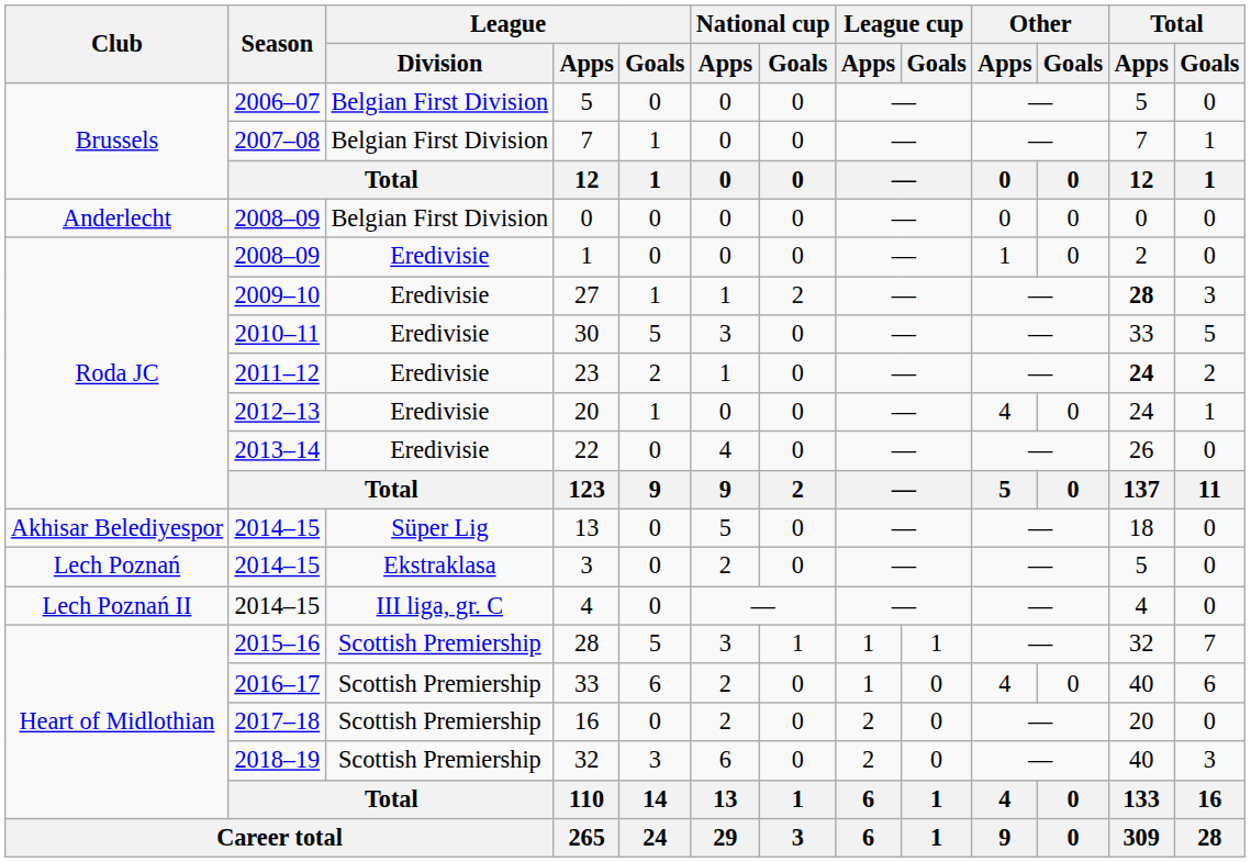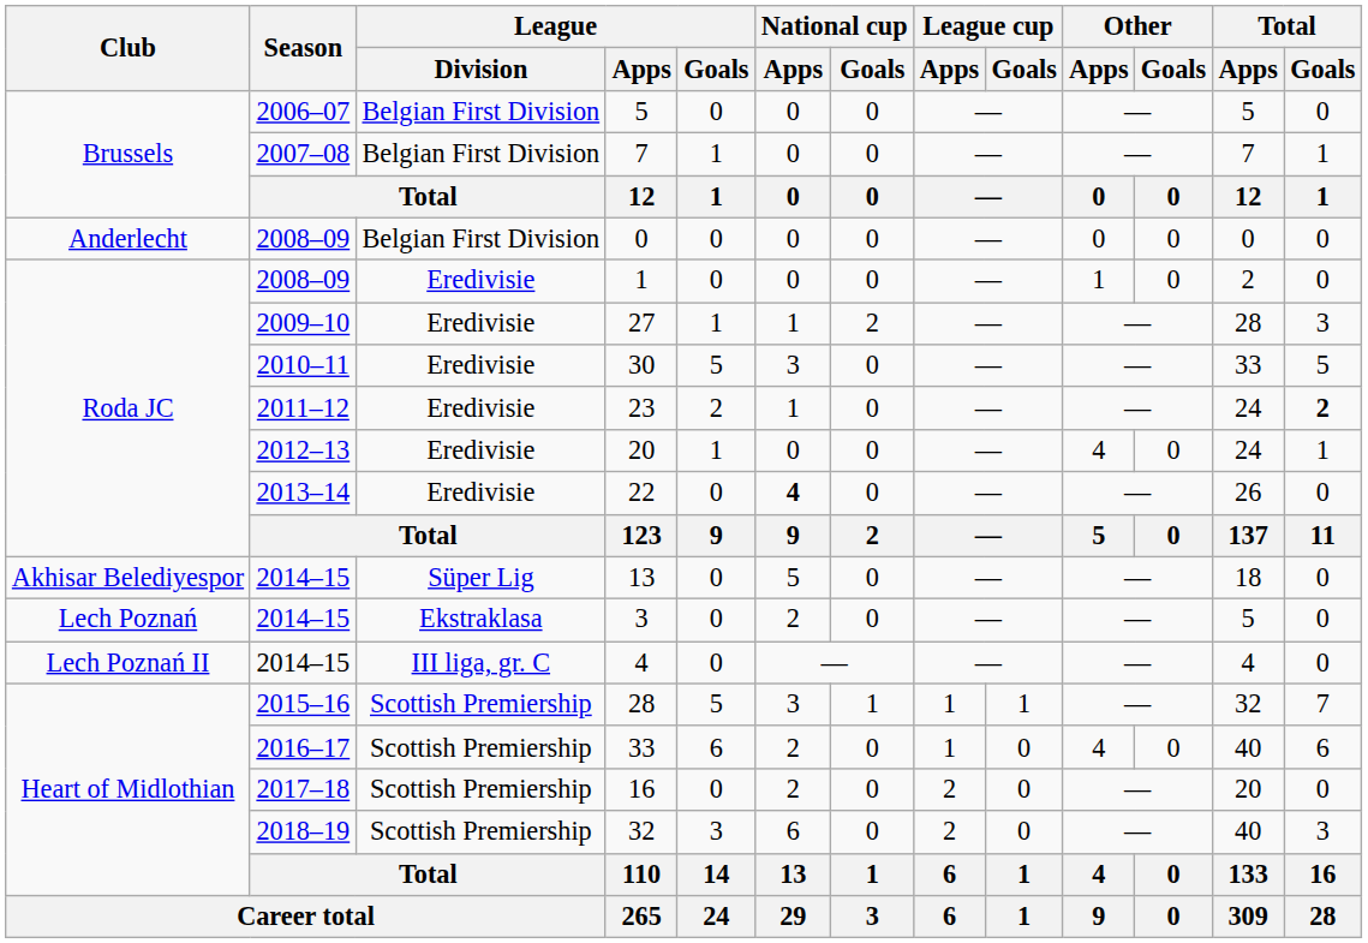 <table class="wikitable" style="text-align:center">
 <tr>
 <th rowspan="2">Club</th>
 <th rowspan="2">Season</th>
 <th colspan="3">League</th>
 <th colspan="2">National cup</th>
 <th colspan="2">League cup</th>
 <th colspan="2">Other</th>
 <th colspan="2">Total</th>
 </tr>
 <tr>
 <th>Division</th>
 <th>Apps</th>
 <th>Goals</th>
 <th>Apps</th>
 <th>Goals</th>
 <th>Apps</th>
 <th>Goals</th>
 <th>Apps</th>
 <th>Goals</th>
 <th>Apps</th>
 <th>Goals</th>
 </tr>
 <tr>
 <td rowspan="3"><a href='#'>Brussels</a></td>
 <td><a href='#'>2006–07</a></td>
 <td><a href='#'>Belgian First Division</a></td>
 <td>5</td>
 <td>0</td>
 <td>0</td>
 <td>0</td>
 <td colspan="2">—</td>
 <td colspan="2">—</td>
 <td>5</td>
 <td>0</td>
 </tr>
 <tr>
 <td><a href='#'>2007–08</a></td>
 <td>Belgian First Division</td>
 <td>7</td>
 <td>1</td>
 <td>0</td>
 <td>0</td>
 <td colspan="2">—</td>
 <td colspan="2">—</td>
 <td>7</td>
 <td>1</td>
 </tr>
 <tr>
 <th colspan="2">Total</th>
 <th>12</th>
 <th>1</th>
 <th>0</th>
 <th>0</th>
 <th colspan="2">—</th>
 <th>0</th>
 <th>0</th>
 <th>12</th>
 <th>1</th>
 </tr>
 <tr>
 <td><a href='#'>Anderlecht</a></td>
 <td><a href='#'>2008–09</a></td>
 <td>Belgian First Division</td>
 <td>0</td>
 <td>0</td>
 <td>0</td>
 <td>0</td>
 <td colspan="2">—</td>
 <td>0</td>
 <td>0</td>
 <td>0</td>
 <td>0</td>
 </tr>
 <tr>
 <td rowspan="7"><a href='#'>Roda JC</a></td>
 <td><a href='#'>2008–09</a></td>
 <td><a href='#'>Eredivisie</a></td>
 <td>1</td>
 <td>0</td>
 <td>0</td>
 <td>0</td>
 <td colspan="2">—</td>
 <td>1</td>
 <td>0</td>
 <td>2</td>
 <td>0</td>
 </tr>
 <tr>
 <td><a href='#'>2009–10</a></td>
 <td>Eredivisie</td>
 <td>27</td>
 <td>1</td>
 <td>1</td>
 <td>2</td>
 <td colspan="2">—</td>
 <td colspan="2">—</td>
-<td><strong>28</strong></td>
+<td>28</td>
 <td>3</td>
 </tr>
 <tr>
 <td><a href='#'>2010–11</a></td>
 <td>Eredivisie</td>
 <td>30</td>
 <td>5</td>
 <td>3</td>
 <td>0</td>
 <td colspan="2">—</td>
 <td colspan="2">—</td>
 <td>33</td>
 <td>5</td>
 </tr>
 <tr>
 <td><a href='#'>2011–12</a></td>
 <td>Eredivisie</td>
 <td>23</td>
 <td>2</td>
 <td>1</td>
 <td>0</td>
 <td colspan="2">—</td>
 <td colspan="2">—</td>
-<td><strong>24</strong></td>
-<td>2</td>
+<td>24</td>
+<td><strong>2</strong></td>
 </tr>
 <tr>
 <td><a href='#'>2012–13</a></td>
 <td>Eredivisie</td>
 <td>20</td>
 <td>1</td>
 <td>0</td>
 <td>0</td>
 <td colspan="2">—</td>
 <td>4</td>
 <td>0</td>
 <td>24</td>
 <td>1</td>
 </tr>
 <tr>
 <td><a href='#'>2013–14</a></td>
 <td>Eredivisie</td>
 <td>22</td>
 <td>0</td>
-<td>4</td>
+<td><strong>4</strong></td>
 <td>0</td>
 <td colspan="2">—</td>
 <td colspan="2">—</td>
 <td>26</td>
 <td>0</td>
 </tr>
 <tr>
 <th colspan="2">Total</th>
 <th>123</th>
 <th>9</th>
 <th>9</th>
 <th>2</th>
 <th colspan="2">—</th>
 <th>5</th>
 <th>0</th>
 <th>137</th>
 <th>11</th>
 </tr>
 <tr>
 <td><a href='#'>Akhisar Belediyespor</a></td>
 <td><a href='#'>2014–15</a></td>
 <td><a href='#'>Süper Lig</a></td>
 <td>13</td>
 <td>0</td>
 <td>5</td>
 <td>0</td>
 <td colspan="2">—</td>
 <td colspan="2">—</td>
 <td>18</td>
 <td>0</td>
 </tr>
 <tr>
 <td><a href='#'>Lech Poznań</a></td>
 <td><a href='#'>2014–15</a></td>
 <td><a href='#'>Ekstraklasa</a></td>
 <td>3</td>
 <td>0</td>
 <td>2</td>
 <td>0</td>
 <td colspan="2">—</td>
 <td colspan="2">—</td>
 <td>5</td>
 <td>0</td>
 </tr>
 <tr>
 <td><a href='#'>Lech Poznań II</a></td>
 <td>2014–15</td>
 <td><a href='#'>III liga, gr. C</a></td>
 <td>4</td>
 <td>0</td>
 <td colspan="2">—</td>
 <td colspan="2">—</td>
 <td colspan="2">—</td>
 <td>4</td>
 <td>0</td>
 </tr>
 <tr>
 <td rowspan="5"><a href='#'>Heart of Midlothian</a></td>
 <td><a href='#'>2015–16</a></td>
 <td><a href='#'>Scottish Premiership</a></td>
 <td>28</td>
 <td>5</td>
 <td>3</td>
 <td>1</td>
 <td>1</td>
 <td>1</td>
 <td colspan="2">—</td>
 <td>32</td>
 <td>7</td>
 </tr>
 <tr>
 <td><a href='#'>2016–17</a></td>
 <td>Scottish Premiership</td>
 <td>33</td>
 <td>6</td>
 <td>2</td>
 <td>0</td>
 <td>1</td>
 <td>0</td>
 <td>4</td>
 <td>0</td>
 <td>40</td>
 <td>6</td>
 </tr>
 <tr>
 <td><a href='#'>2017–18</a></td>
 <td>Scottish Premiership</td>
 <td>16</td>
 <td>0</td>
 <td>2</td>
 <td>0</td>
 <td>2</td>
 <td>0</td>
 <td colspan="2">—</td>
 <td>20</td>
 <td>0</td>
 </tr>
 <tr>
 <td><a href='#'>2018–19</a></td>
 <td>Scottish Premiership</td>
 <td>32</td>
 <td>3</td>
 <td>6</td>
 <td>0</td>
 <td>2</td>
 <td>0</td>
 <td colspan="2">—</td>
 <td>40</td>
 <td>3</td>
 </tr>
 <tr>
 <th colspan="2">Total</th>
 <th>110</th>
 <th>14</th>
 <th>13</th>
 <th>1</th>
 <th>6</th>
 <th>1</th>
 <th>4</th>
 <th>0</th>
 <th>133</th>
 <th>16</th>
 </tr>
 <tr>
 <th colspan="3">Career total</th>
 <th>265</th>
 <th>24</th>
 <th>29</th>
 <th>3</th>
 <th>6</th>
 <th>1</th>
 <th>9</th>
 <th>0</th>
 <th>309</th>
 <th>28</th>
 </tr>
 </table>
